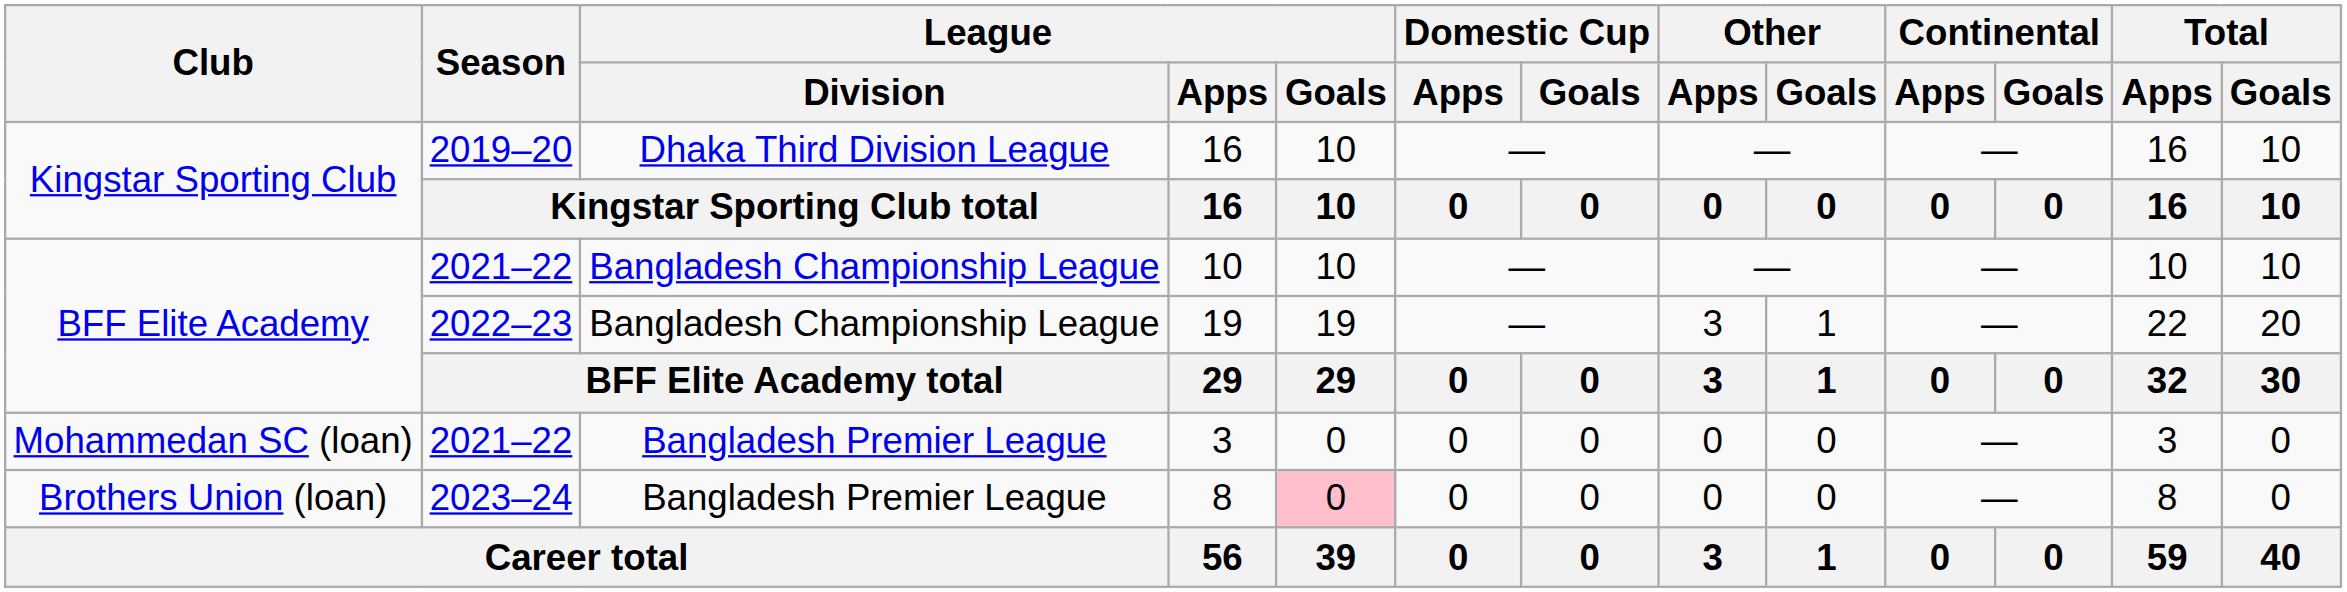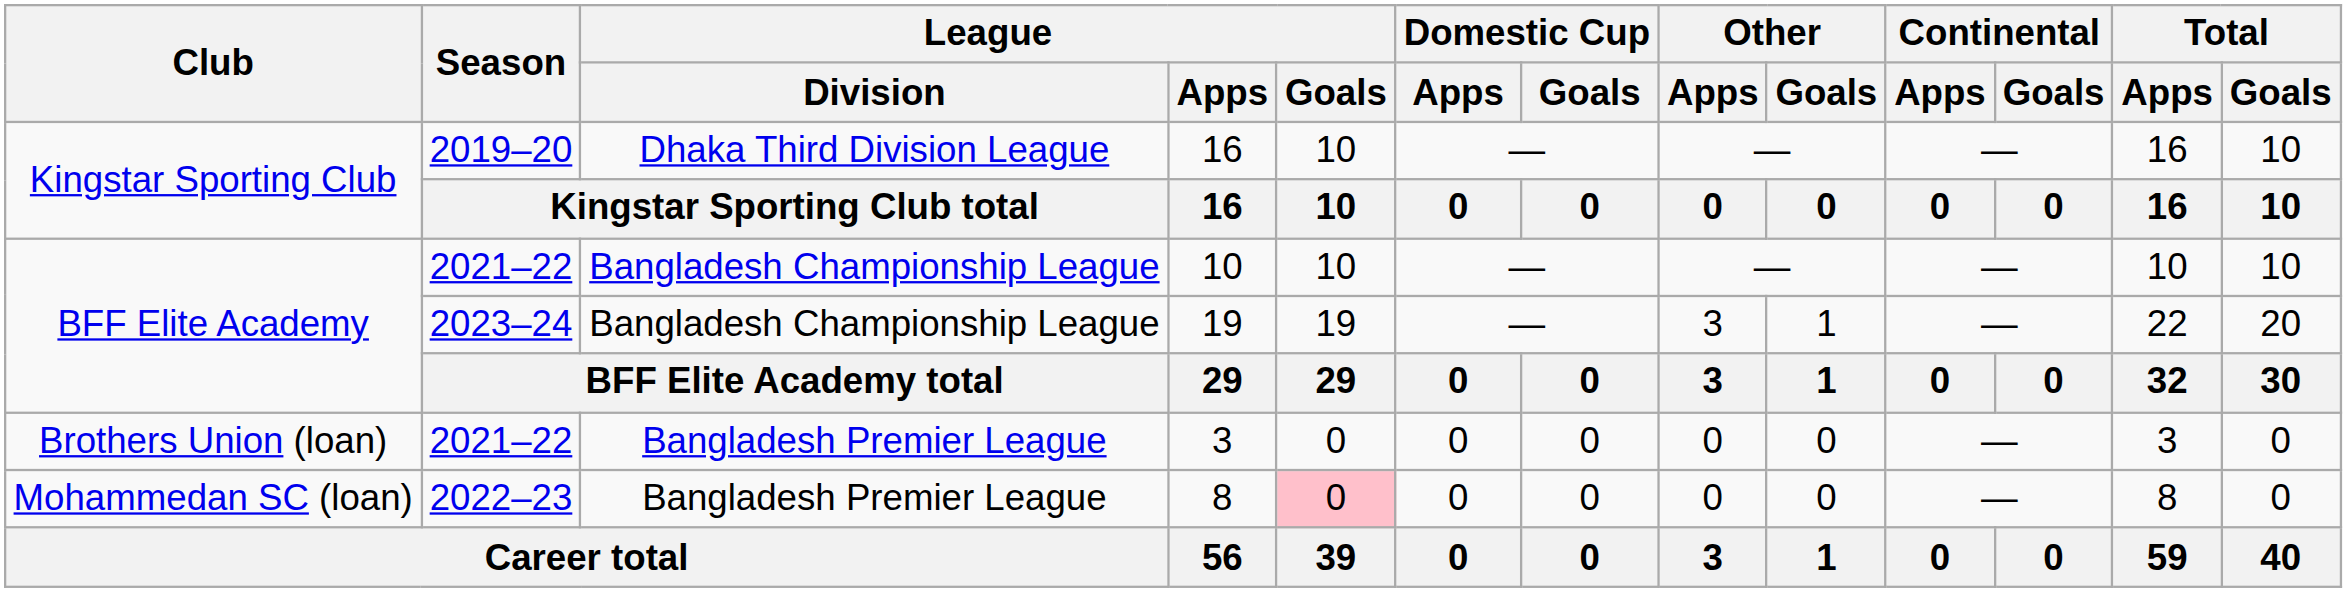 <table class="wikitable" style="text-align:center">
 <tr>
 <th rowspan="2">Club</th>
 <th rowspan="2">Season</th>
 <th colspan="3">League</th>
 <th colspan="2">Domestic Cup</th>
 <th colspan="2">Other</th>
 <th colspan="2">Continental</th>
 <th colspan="2">Total</th>
 </tr>
 <tr>
 <th>Division</th>
 <th>Apps</th>
 <th>Goals</th>
 <th>Apps</th>
 <th>Goals</th>
 <th>Apps</th>
 <th>Goals</th>
 <th>Apps</th>
 <th>Goals</th>
 <th>Apps</th>
 <th>Goals</th>
 </tr>
 <tr>
 <td rowspan=2><a href='#'>Kingstar Sporting Club</a></td>
 <td><a href='#'>2019–20</a></td>
 <td><a href='#'>Dhaka Third Division League</a></td>
 <td>16</td>
 <td>10</td>
 <td colspan="2">—</td>
 <td colspan="2">—</td>
 <td colspan="2">—</td>
 <td>16</td>
 <td>10</td>
 </tr>
 <tr>
 <th colspan="2"><strong>Kingstar Sporting Club total</strong></th>
 <th>16</th>
 <th>10</th>
 <th>0</th>
 <th>0</th>
 <th>0</th>
 <th>0</th>
 <th>0</th>
 <th>0</th>
 <th>16</th>
 <th>10</th>
 </tr>
 <tr>
 <td rowspan=3><a href='#'>BFF Elite Academy</a></td>
 <td><a href='#'>2021–22</a></td>
 <td><a href='#'>Bangladesh Championship League</a></td>
 <td>10</td>
 <td>10</td>
 <td colspan="2">—</td>
 <td colspan="2">—</td>
 <td colspan="2">—</td>
 <td>10</td>
 <td>10</td>
 </tr>
 <tr>
-<td><a href='#'>2022–23</a></td>
+<td><a href='#'>2023–24</a></td>
 <td>Bangladesh Championship League</td>
 <td>19</td>
 <td>19</td>
 <td colspan="2">—</td>
 <td>3</td>
 <td>1</td>
 <td colspan="2">—</td>
 <td>22</td>
 <td>20</td>
 </tr>
 <tr>
 <th colspan="2"><strong>BFF Elite Academy total</strong></th>
 <th>29</th>
 <th>29</th>
 <th>0</th>
 <th>0</th>
 <th>3</th>
 <th>1</th>
 <th>0</th>
 <th>0</th>
 <th>32</th>
 <th>30</th>
 </tr>
 <tr>
-<td><a href='#'>Mohammedan SC</a> (loan)</td>
+<td><a href='#'>Brothers Union</a> (loan)</td>
 <td><a href='#'>2021–22</a></td>
 <td><a href='#'>Bangladesh Premier League</a></td>
 <td>3</td>
 <td>0</td>
 <td>0</td>
 <td>0</td>
 <td>0</td>
 <td>0</td>
 <td colspan="2">—</td>
 <td>3</td>
 <td>0</td>
 </tr>
 <tr>
-<td><a href='#'>Brothers Union</a> (loan)</td>
-<td><a href='#'>2023–24</a></td>
+<td><a href='#'>Mohammedan SC</a> (loan)</td>
+<td><a href='#'>2022–23</a></td>
 <td>Bangladesh Premier League</td>
 <td>8</td>
 <td style="background: pink;">0</td>
 <td>0</td>
 <td>0</td>
 <td>0</td>
 <td>0</td>
 <td colspan="2">—</td>
 <td>8</td>
 <td>0</td>
 </tr>
 <tr>
 <th colspan="3">Career total</th>
 <th>56</th>
 <th>39</th>
 <th>0</th>
 <th>0</th>
 <th>3</th>
 <th>1</th>
 <th>0</th>
 <th>0</th>
 <th>59</th>
 <th>40</th>
 </tr>
 </table>
